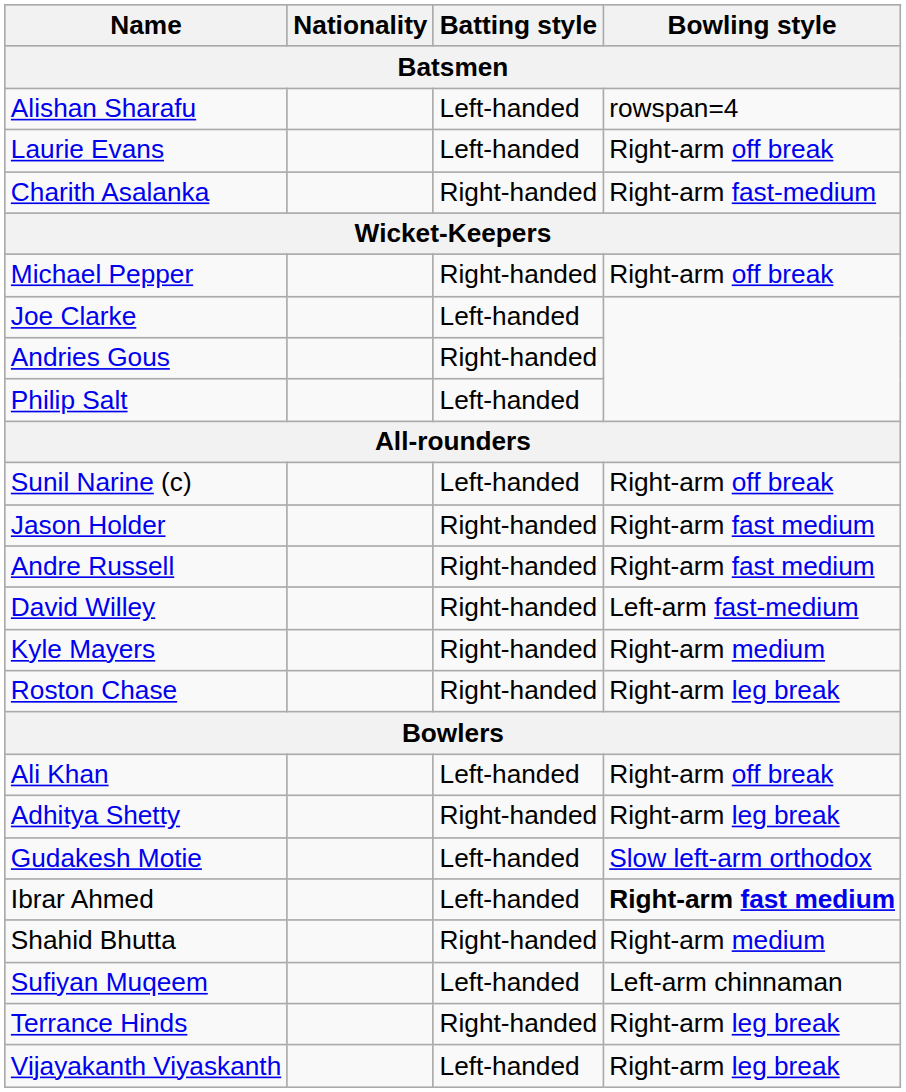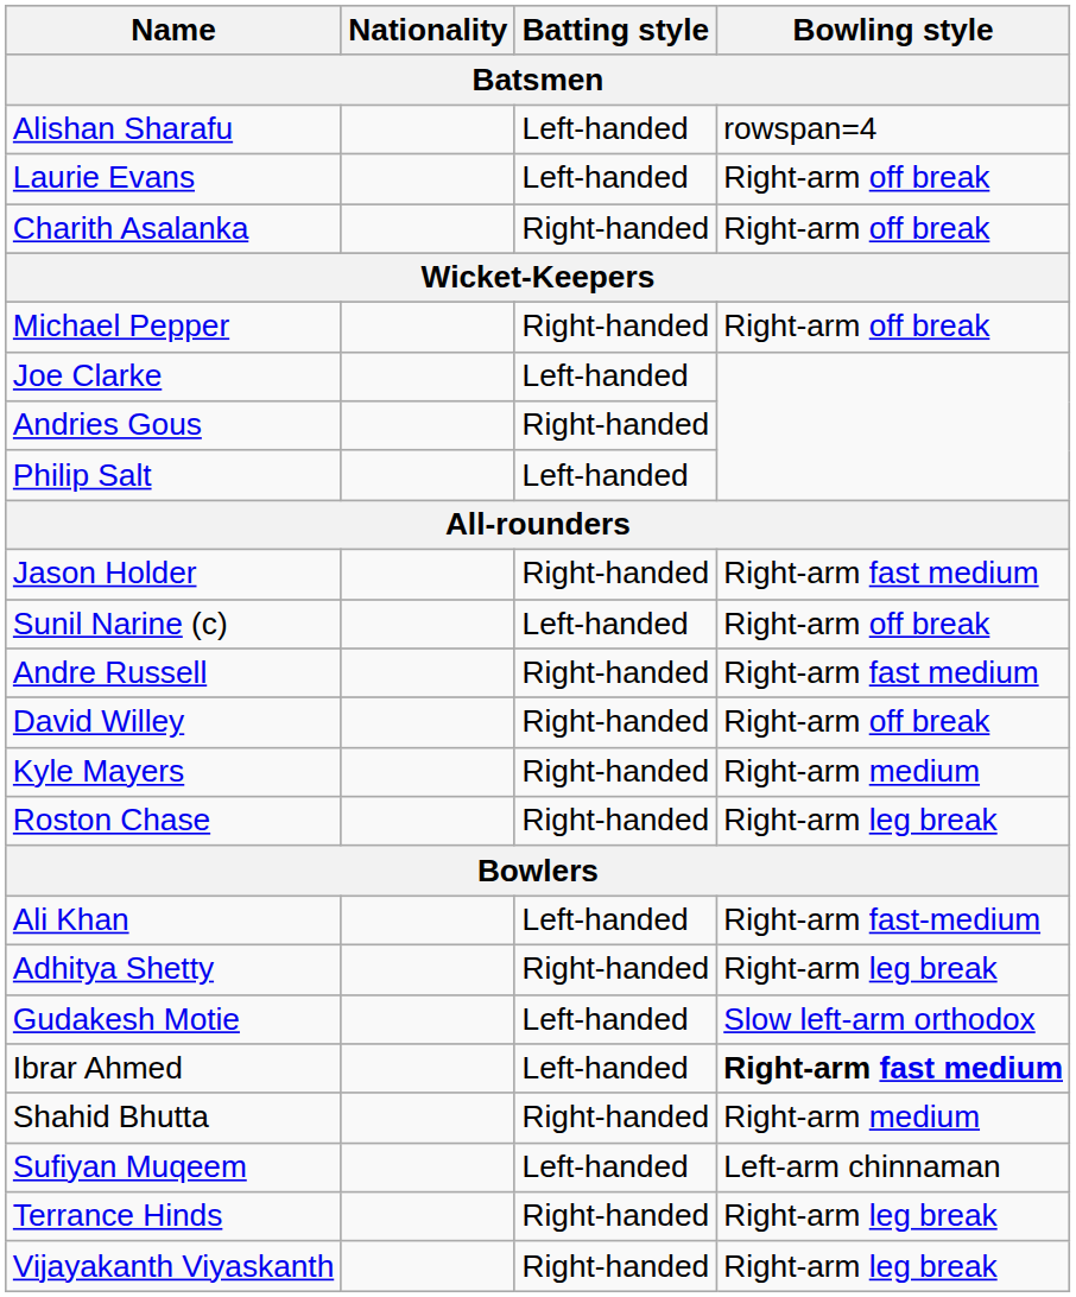 <table class="wikitable">
 <tr>
 <th>Name</th>
 <th>Nationality</th>
 <th>Batting style</th>
 <th>Bowling style</th>
 </tr>
 <tr>
 <th colspan="4">Batsmen</th>
 </tr>
 <tr>
 <td><a href='#'>Alishan Sharafu</a></td>
 <td></td>
 <td>Left-handed</td>
 <td>rowspan=4 </td>
 </tr>
 <tr>
 <td><a href='#'>Laurie Evans</a></td>
 <td></td>
 <td>Left-handed</td>
 <td>Right-arm <a href='#'>off break</a></td>
 </tr>
 <tr>
 <td><a href='#'>Charith Asalanka</a></td>
 <td></td>
 <td>Right-handed</td>
-<td>Right-arm <a href='#'>fast-medium</a></td>
+<td>Right-arm <a href='#'>off break</a></td>
 </tr>
 <tr>
 <th colspan="4">Wicket-Keepers</th>
 </tr>
 <tr>
 <td><a href='#'>Michael Pepper</a></td>
 <td></td>
 <td>Right-handed</td>
 <td>Right-arm <a href='#'>off break</a></td>
 </tr>
 <tr>
 <td><a href='#'>Joe Clarke</a></td>
 <td></td>
 <td>Left-handed</td>
 </tr>
 <tr>
 <td><a href='#'>Andries Gous</a></td>
 <td></td>
 <td>Right-handed</td>
 </tr>
 <tr>
 <td><a href='#'>Philip Salt</a></td>
 <td></td>
 <td>Left-handed</td>
 </tr>
 <tr>
 <th colspan="4">All-rounders</th>
 </tr>
 <tr>
+<td><a href='#'>Jason Holder</a></td>
+<td></td>
+<td>Right-handed</td>
+<td>Right-arm <a href='#'>fast medium</a></td>
+</tr>
+<tr>
 <td><a href='#'>Sunil Narine</a> (c)</td>
 <td></td>
 <td>Left-handed</td>
 <td>Right-arm <a href='#'>off break</a></td>
-</tr>
-<tr>
-<td><a href='#'>Jason Holder</a></td>
-<td></td>
-<td>Right-handed</td>
-<td>Right-arm <a href='#'>fast medium</a></td>
 </tr>
 <tr>
 <td><a href='#'>Andre Russell</a></td>
 <td></td>
 <td>Right-handed</td>
 <td>Right-arm <a href='#'>fast medium</a></td>
 </tr>
 <tr>
 <td><a href='#'>David Willey</a></td>
 <td></td>
 <td>Right-handed</td>
-<td>Left-arm <a href='#'>fast-medium</a></td>
+<td>Right-arm <a href='#'>off break</a></td>
 </tr>
 <tr>
 <td><a href='#'>Kyle Mayers</a></td>
 <td></td>
 <td>Right-handed</td>
 <td>Right-arm <a href='#'>medium</a></td>
 </tr>
 <tr>
 <td><a href='#'>Roston Chase</a></td>
 <td></td>
 <td>Right-handed</td>
 <td>Right-arm <a href='#'>leg break</a></td>
 </tr>
 <tr>
 <th colspan="4">Bowlers</th>
 </tr>
 <tr>
 <td><a href='#'>Ali Khan</a></td>
 <td></td>
 <td>Left-handed</td>
-<td>Right-arm <a href='#'>off break</a></td>
+<td>Right-arm <a href='#'>fast-medium</a></td>
 </tr>
 <tr>
 <td><a href='#'>Adhitya Shetty</a></td>
 <td></td>
 <td>Right-handed</td>
 <td>Right-arm <a href='#'>leg break</a></td>
 </tr>
 <tr>
 <td><a href='#'>Gudakesh Motie</a></td>
 <td></td>
 <td>Left-handed</td>
 <td><a href='#'>Slow left-arm orthodox</a></td>
 </tr>
 <tr>
 <td>Ibrar Ahmed</td>
 <td></td>
 <td>Left-handed</td>
 <td><strong>Right-arm <a href='#'>fast medium</a></strong></td>
 </tr>
 <tr>
 <td>Shahid Bhutta</td>
 <td></td>
 <td>Right-handed</td>
 <td>Right-arm <a href='#'>medium</a></td>
 </tr>
 <tr>
 <td><a href='#'>Sufiyan Muqeem</a></td>
 <td></td>
 <td>Left-handed</td>
 <td>Left-arm chinnaman</td>
 </tr>
 <tr>
 <td><a href='#'>Terrance Hinds</a></td>
 <td></td>
 <td>Right-handed</td>
 <td>Right-arm <a href='#'>leg break</a></td>
 </tr>
 <tr>
 <td><a href='#'>Vijayakanth Viyaskanth</a></td>
 <td></td>
-<td>Left-handed</td>
+<td>Right-handed</td>
 <td>Right-arm <a href='#'>leg break</a></td>
 </tr>
 </table>
